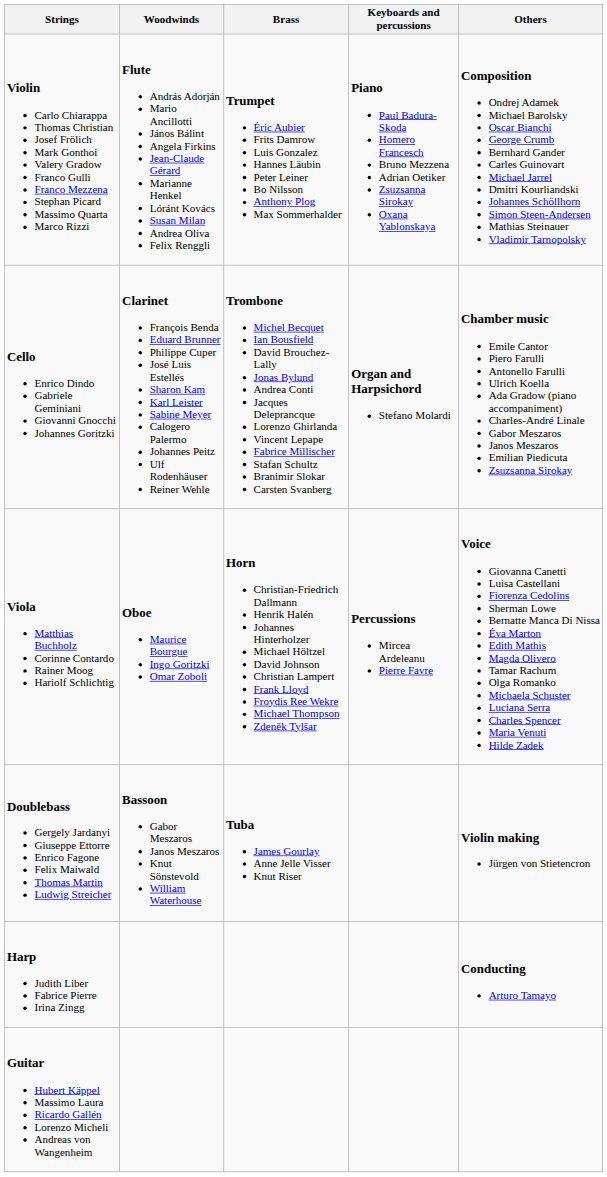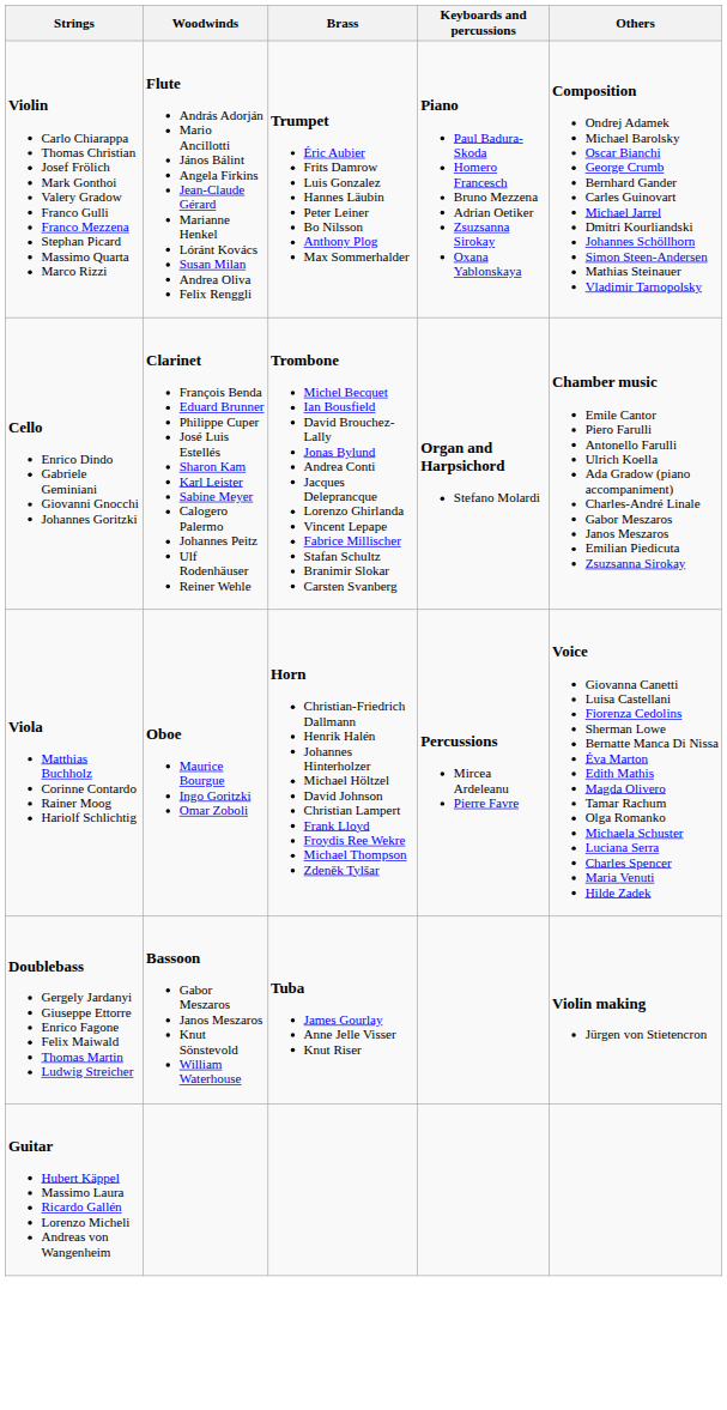 <table class="wikitable">
 <tr>
 <th>Strings</th>
 <th>Woodwinds</th>
 <th>Brass</th>
 <th>Keyboards and percussions</th>
 <th>Others</th>
 </tr>
 <tr>
 <td><br><h3>Violin</h3><ul><li>Carlo Chiarappa</li><li>Thomas Christian</li><li>Josef Frölich</li><li>Mark Gonthoi</li><li>Valery Gradow</li><li>Franco Gulli</li><li><a href='#'>Franco Mezzena</a></li><li>Stephan Picard</li><li>Massimo Quarta</li><li>Marco Rizzi</li></ul></td>
 <td><br><h3>Flute</h3><ul><li>András Adorján</li><li>Mario Ancillotti</li><li>János Bálint</li><li>Angela Firkins</li><li><a href='#'>Jean-Claude Gérard</a></li><li>Marianne Henkel</li><li>Lóránt Kovács</li><li><a href='#'>Susan Milan</a></li><li>Andrea Oliva</li><li>Felix Renggli</li></ul></td>
 <td><br><h3>Trumpet</h3><ul><li><a href='#'>Éric Aubier</a></li><li>Frits Damrow</li><li>Luis Gonzalez</li><li>Hannes Läubin</li><li>Peter Leiner</li><li>Bo Nilsson</li><li><a href='#'>Anthony Plog</a></li><li>Max Sommerhalder</li></ul></td>
 <td><br><h3>Piano</h3><ul><li><a href='#'>Paul Badura-Skoda</a></li><li><a href='#'>Homero Francesch</a></li><li>Bruno Mezzena</li><li>Adrian Oetiker</li><li><a href='#'>Zsuzsanna Sirokay</a></li><li><a href='#'>Oxana Yablonskaya</a></li></ul></td>
 <td><br><h3>Composition</h3><ul><li>Ondrej Adamek</li><li>Michael Barolsky</li><li><a href='#'>Oscar Bianchi</a></li><li><a href='#'>George Crumb</a></li><li>Bernhard Gander</li><li>Carles Guinovart</li><li><a href='#'>Michael Jarrel</a></li><li>Dmitri Kourliandski</li><li><a href='#'>Johannes Schöllhorn</a></li><li><a href='#'>Simon Steen-Andersen</a></li><li>Mathias Steinauer</li><li><a href='#'>Vladimir Tarnopolsky</a></li></ul></td>
 </tr>
 <tr>
 <td><br><h3>Cello</h3><ul><li>Enrico Dindo</li><li>Gabriele Geminiani</li><li>Giovanni Gnocchi</li><li>Johannes Goritzki</li></ul></td>
 <td><br><h3>Clarinet</h3><ul><li>François Benda</li><li><a href='#'>Eduard Brunner</a></li><li>Philippe Cuper</li><li>José Luis Estellés</li><li><a href='#'>Sharon Kam</a></li><li><a href='#'>Karl Leister</a></li><li><a href='#'>Sabine Meyer</a></li><li>Calogero Palermo</li><li>Johannes Peitz</li><li>Ulf Rodenhäuser</li><li>Reiner Wehle</li></ul></td>
 <td><br><h3>Trombone</h3><ul><li><a href='#'>Michel Becquet</a></li><li><a href='#'>Ian Bousfield</a></li><li>David Brouchez-Lally</li><li><a href='#'>Jonas Bylund</a></li><li>Andrea Conti</li><li>Jacques Deleprancque</li><li>Lorenzo Ghirlanda</li><li>Vincent Lepape</li><li><a href='#'>Fabrice Millischer</a></li><li>Stafan Schultz</li><li>Branimir Slokar</li><li>Carsten Svanberg</li></ul></td>
 <td><br><h3>Organ and Harpsichord</h3><ul><li>Stefano Molardi</li></ul></td>
 <td><br><h3>Chamber music</h3><ul><li>Emile Cantor</li><li>Piero Farulli</li><li>Antonello Farulli</li><li>Ulrich Koella</li><li>Ada Gradow (piano accompaniment)</li><li>Charles-André Linale</li><li>Gabor Meszaros</li><li>Janos Meszaros</li><li>Emilian Piedicuta</li><li><a href='#'>Zsuzsanna Sirokay</a></li></ul></td>
 </tr>
 <tr>
 <td><br><h3>Viola</h3><ul><li><a href='#'>Matthias Buchholz</a></li><li>Corinne Contardo</li><li>Rainer Moog</li><li>Hariolf Schlichtig</li></ul></td>
 <td><br><h3>Oboe</h3><ul><li><a href='#'>Maurice Bourgue</a></li><li><a href='#'>Ingo Goritzki</a></li><li><a href='#'>Omar Zoboli</a></li></ul></td>
 <td><br><h3>Horn</h3><ul><li>Christian-Friedrich Dallmann</li><li>Henrik Halén</li><li>Johannes Hinterholzer</li><li>Michael Höltzel</li><li>David Johnson</li><li>Christian Lampert</li><li><a href='#'>Frank Lloyd</a></li><li><a href='#'>Froydis Ree Wekre</a></li><li><a href='#'>Michael Thompson</a></li><li><a href='#'>Zdeněk Tylšar</a></li></ul></td>
 <td><br><h3>Percussions</h3><ul><li>Mircea Ardeleanu</li><li><a href='#'>Pierre Favre</a></li></ul></td>
 <td><br><h3>Voice</h3><ul><li>Giovanna Canetti</li><li>Luisa Castellani</li><li><a href='#'>Fiorenza Cedolins</a></li><li>Sherman Lowe</li><li>Bernatte Manca Di Nissa</li><li><a href='#'>Éva Marton</a></li><li><a href='#'>Edith Mathis</a></li><li><a href='#'>Magda Olivero</a></li><li>Tamar Rachum</li><li>Olga Romanko</li><li><a href='#'>Michaela Schuster</a></li><li><a href='#'>Luciana Serra</a></li><li><a href='#'>Charles Spencer</a></li><li><a href='#'>Maria Venuti</a></li><li><a href='#'>Hilde Zadek</a></li></ul></td>
 </tr>
 <tr>
 <td><br><h3>Doublebass</h3><ul><li>Gergely Jardanyi</li><li>Giuseppe Ettorre</li><li>Enrico Fagone</li><li>Felix Maiwald</li><li><a href='#'>Thomas Martin</a></li><li><a href='#'>Ludwig Streicher</a></li></ul></td>
 <td><br><h3>Bassoon</h3><ul><li>Gabor Meszaros</li><li>Janos Meszaros</li><li>Knut Sönstevold</li><li><a href='#'>William Waterhouse</a></li></ul></td>
 <td><br><h3>Tuba</h3><ul><li><a href='#'>James Gourlay</a></li><li>Anne Jelle Visser</li><li>Knut Riser</li></ul></td>
 <td></td>
 <td><br><h3>Violin making</h3><ul><li>Jürgen von Stietencron</li></ul></td>
 </tr>
 <tr>
-<td><br><h3>Harp</h3><ul><li>Judith Liber</li><li>Fabrice Pierre</li><li>Irina Zingg</li></ul></td>
-<td></td>
-<td></td>
-<td></td>
-<td><br><h3>Conducting</h3><ul><li><a href='#'>Arturo Tamayo</a></li></ul></td>
-</tr>
-<tr>
 <td><br><h3>Guitar</h3><ul><li><a href='#'>Hubert Käppel</a></li><li>Massimo Laura</li><li><a href='#'>Ricardo Gallén</a></li><li>Lorenzo Micheli</li><li>Andreas von Wangenheim</li></ul></td>
 <td></td>
 <td></td>
 <td></td>
 </tr>
 </table>
